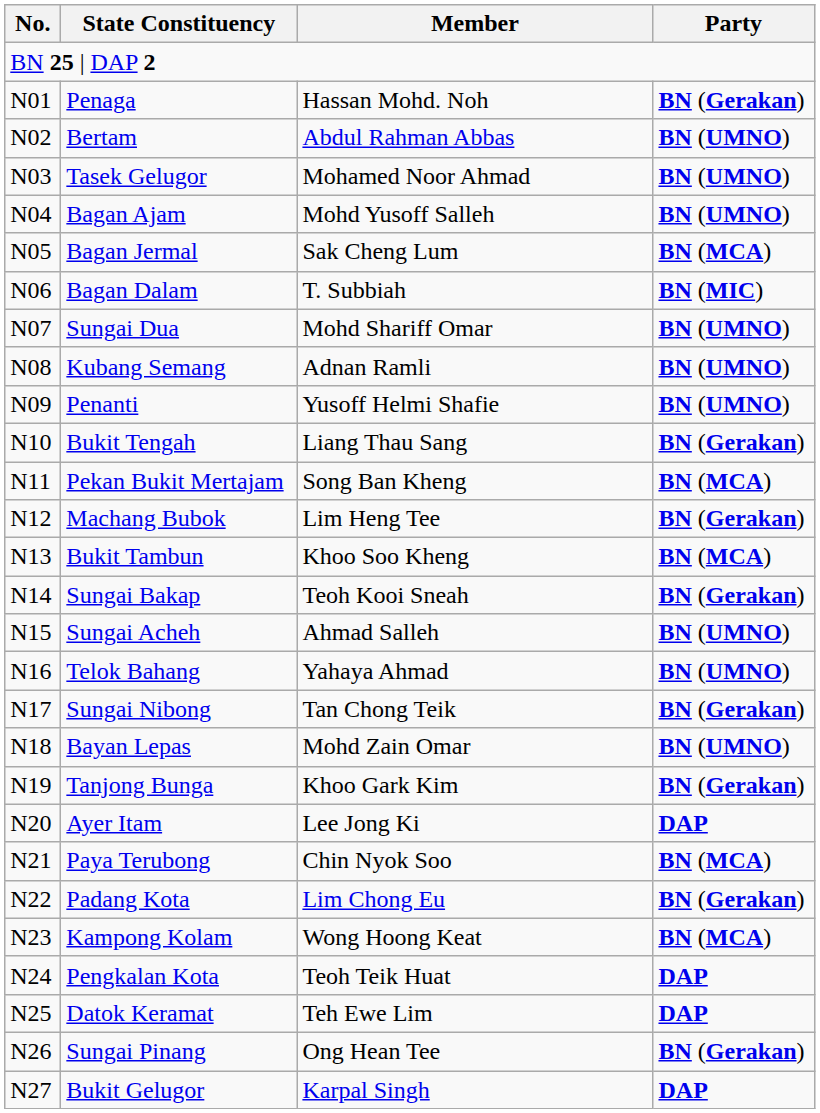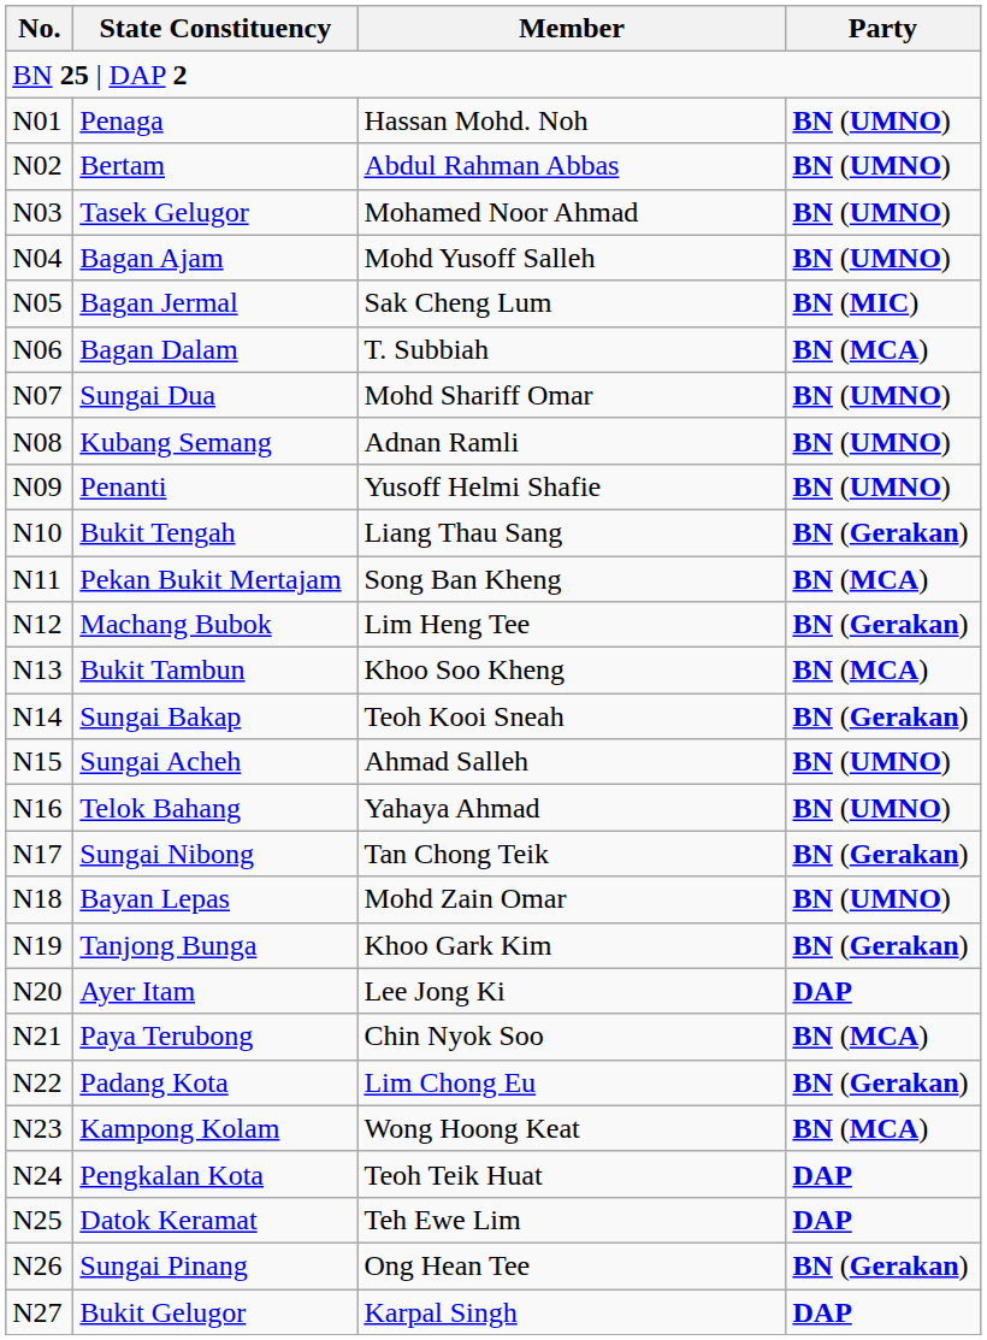 <table class="wikitable sortable">
 <tr>
 <th style="width:30px;">No.</th>
 <th style="width:150px;">State Constituency</th>
 <th style="width:230px;">Member</th>
 <th style="width:100px;">Party</th>
 </tr>
 <tr>
 <td colspan="4"><a href='#'>BN</a> <strong>25</strong> | <a href='#'>DAP</a> <strong>2</strong></td>
 </tr>
 <tr>
 <td>N01</td>
 <td><a href='#'>Penaga</a></td>
 <td>Hassan Mohd. Noh</td>
-<td><strong><a href='#'>BN</a></strong> (<strong><a href='#'>Gerakan</a></strong>)</td>
+<td><strong><a href='#'>BN</a></strong> (<strong><a href='#'>UMNO</a></strong>)</td>
 </tr>
 <tr>
 <td>N02</td>
 <td><a href='#'>Bertam</a></td>
 <td><a href='#'>Abdul Rahman Abbas</a></td>
 <td><strong><a href='#'>BN</a></strong> (<strong><a href='#'>UMNO</a></strong>)</td>
 </tr>
 <tr>
 <td>N03</td>
 <td><a href='#'>Tasek Gelugor</a></td>
 <td>Mohamed Noor Ahmad</td>
 <td><strong><a href='#'>BN</a></strong> (<strong><a href='#'>UMNO</a></strong>)</td>
 </tr>
 <tr>
 <td>N04</td>
 <td><a href='#'>Bagan Ajam</a></td>
 <td>Mohd Yusoff Salleh</td>
 <td><strong><a href='#'>BN</a></strong> (<strong><a href='#'>UMNO</a></strong>)</td>
 </tr>
 <tr>
 <td>N05</td>
 <td><a href='#'>Bagan Jermal</a></td>
 <td>Sak Cheng Lum</td>
-<td><strong><a href='#'>BN</a></strong> (<strong><a href='#'>MCA</a></strong>)</td>
+<td><strong><a href='#'>BN</a></strong> (<strong><a href='#'>MIC</a></strong>)</td>
 </tr>
 <tr>
 <td>N06</td>
 <td><a href='#'>Bagan Dalam</a></td>
 <td>T. Subbiah</td>
-<td><strong><a href='#'>BN</a></strong> (<strong><a href='#'>MIC</a></strong>)</td>
+<td><strong><a href='#'>BN</a></strong> (<strong><a href='#'>MCA</a></strong>)</td>
 </tr>
 <tr>
 <td>N07</td>
 <td><a href='#'>Sungai Dua</a></td>
 <td>Mohd Shariff Omar</td>
 <td><strong><a href='#'>BN</a></strong> (<strong><a href='#'>UMNO</a></strong>)</td>
 </tr>
 <tr>
 <td>N08</td>
 <td><a href='#'>Kubang Semang</a></td>
 <td>Adnan Ramli</td>
 <td><strong><a href='#'>BN</a></strong> (<strong><a href='#'>UMNO</a></strong>)</td>
 </tr>
 <tr>
 <td>N09</td>
 <td><a href='#'>Penanti</a></td>
 <td>Yusoff Helmi Shafie</td>
 <td><strong><a href='#'>BN</a></strong> (<strong><a href='#'>UMNO</a></strong>)</td>
 </tr>
 <tr>
 <td>N10</td>
 <td><a href='#'>Bukit Tengah</a></td>
 <td>Liang Thau Sang</td>
 <td><strong><a href='#'>BN</a></strong> (<strong><a href='#'>Gerakan</a></strong>)</td>
 </tr>
 <tr>
 <td>N11</td>
 <td><a href='#'>Pekan Bukit Mertajam</a></td>
 <td>Song Ban Kheng</td>
 <td><strong><a href='#'>BN</a></strong> (<strong><a href='#'>MCA</a></strong>)</td>
 </tr>
 <tr>
 <td>N12</td>
 <td><a href='#'>Machang Bubok</a></td>
 <td>Lim Heng Tee</td>
 <td><strong><a href='#'>BN</a></strong> (<strong><a href='#'>Gerakan</a></strong>)</td>
 </tr>
 <tr>
 <td>N13</td>
 <td><a href='#'>Bukit Tambun</a></td>
 <td>Khoo Soo Kheng</td>
 <td><strong><a href='#'>BN</a></strong> (<strong><a href='#'>MCA</a></strong>)</td>
 </tr>
 <tr>
 <td>N14</td>
 <td><a href='#'>Sungai Bakap</a></td>
 <td>Teoh Kooi Sneah</td>
 <td><strong><a href='#'>BN</a></strong> (<strong><a href='#'>Gerakan</a></strong>)</td>
 </tr>
 <tr>
 <td>N15</td>
 <td><a href='#'>Sungai Acheh</a></td>
 <td>Ahmad Salleh</td>
 <td><strong><a href='#'>BN</a></strong> (<strong><a href='#'>UMNO</a></strong>)</td>
 </tr>
 <tr>
 <td>N16</td>
 <td><a href='#'>Telok Bahang</a></td>
 <td>Yahaya Ahmad</td>
 <td><strong><a href='#'>BN</a></strong> (<strong><a href='#'>UMNO</a></strong>)</td>
 </tr>
 <tr>
 <td>N17</td>
 <td><a href='#'>Sungai Nibong</a></td>
 <td>Tan Chong Teik</td>
 <td><strong><a href='#'>BN</a></strong> (<strong><a href='#'>Gerakan</a></strong>)</td>
 </tr>
 <tr>
 <td>N18</td>
 <td><a href='#'>Bayan Lepas</a></td>
 <td>Mohd Zain Omar</td>
 <td><strong><a href='#'>BN</a></strong> (<strong><a href='#'>UMNO</a></strong>)</td>
 </tr>
 <tr>
 <td>N19</td>
 <td><a href='#'>Tanjong Bunga</a></td>
 <td>Khoo Gark Kim</td>
 <td><strong><a href='#'>BN</a></strong> (<strong><a href='#'>Gerakan</a></strong>)</td>
 </tr>
 <tr>
 <td>N20</td>
 <td><a href='#'>Ayer Itam</a></td>
 <td>Lee Jong Ki</td>
 <td><strong><a href='#'>DAP</a></strong></td>
 </tr>
 <tr>
 <td>N21</td>
 <td><a href='#'>Paya Terubong</a></td>
 <td>Chin Nyok Soo</td>
 <td><strong><a href='#'>BN</a></strong> (<strong><a href='#'>MCA</a></strong>)</td>
 </tr>
 <tr>
 <td>N22</td>
 <td><a href='#'>Padang Kota</a></td>
 <td><a href='#'>Lim Chong Eu</a></td>
 <td><strong><a href='#'>BN</a></strong> (<strong><a href='#'>Gerakan</a></strong>)</td>
 </tr>
 <tr>
 <td>N23</td>
 <td><a href='#'>Kampong Kolam</a></td>
 <td>Wong Hoong Keat</td>
 <td><strong><a href='#'>BN</a></strong> (<strong><a href='#'>MCA</a></strong>)</td>
 </tr>
 <tr>
 <td>N24</td>
 <td><a href='#'>Pengkalan Kota</a></td>
 <td>Teoh Teik Huat</td>
 <td><strong><a href='#'>DAP</a></strong></td>
 </tr>
 <tr>
 <td>N25</td>
 <td><a href='#'>Datok Keramat</a></td>
 <td>Teh Ewe Lim</td>
 <td><strong><a href='#'>DAP</a></strong></td>
 </tr>
 <tr>
 <td>N26</td>
 <td><a href='#'>Sungai Pinang</a></td>
 <td>Ong Hean Tee</td>
 <td><strong><a href='#'>BN</a></strong> (<strong><a href='#'>Gerakan</a></strong>)</td>
 </tr>
 <tr>
 <td>N27</td>
 <td><a href='#'>Bukit Gelugor</a></td>
 <td><a href='#'>Karpal Singh</a></td>
 <td><strong><a href='#'>DAP</a></strong></td>
 </tr>
 </table>
